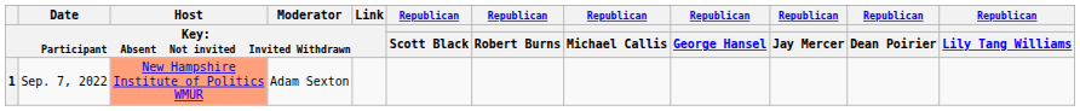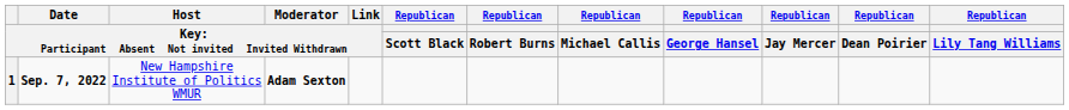 <table class="wikitable" style="text-align:center;">
 <tr>
 <th scope="col"></th>
 <th scope="col">Date</th>
 <th scope="col">Host</th>
 <th scope="col">Moderator</th>
 <th scope="col">Link</th>
 <th scope="col"><small><a href='#'>Republican</a></small></th>
 <th scope="col"><small><a href='#'>Republican</a></small></th>
 <th scope="col"><small><a href='#'>Republican</a></small></th>
 <th scope="col"><small><a href='#'>Republican</a></small></th>
 <th scope="col"><small><a href='#'>Republican</a></small></th>
 <th scope="col"><small><a href='#'>Republican</a></small></th>
 <th scope="col"><small><a href='#'>Republican</a></small></th>
 </tr>
 <tr>
 <th colspan="5" rowspan="2">Key:<br> <small>Participant </small>  <small>Absent </small>  <small>Not invited </small>  <small>Invited  Withdrawn</small></th>
 <th scope="col" style="background:"></th>
 <th scope="col" style="background:"></th>
 <th scope="col" style="background:"></th>
 <th scope="col" style="background:"></th>
 <th scope="col" style="background:"></th>
 <th scope="col" style="background:"></th>
 <th scope="col" style="background:"></th>
 </tr>
 <tr>
 <th scope="col">Scott Black</th>
 <th scope="col">Robert Burns</th>
 <th scope="col">Michael Callis</th>
 <th scope="col"><a href='#'>George Hansel</a></th>
 <th scope="col">Jay Mercer</th>
 <th scope="col">Dean Poirier</th>
 <th scope="col"><a href='#'>Lily Tang Williams</a></th>
 </tr>
 <tr>
 <th>1</th>
-<td style="white-space:nowrap;">Sep. 7, 2022</td>
-<td style="background: lightsalmon; white-space:nowrap;"><a href='#'>New Hampshire</a><br><a href='#'>Institute of Politics</a><br><a href='#'>WMUR</a></td>
-<td style="white-space:nowrap;">Adam Sexton</td>
+<td style="white-space:nowrap;"><strong>Sep. 7, 2022</strong></td>
+<td style="white-space:nowrap;"><a href='#'>New Hampshire</a><br><a href='#'>Institute of Politics</a><br><a href='#'>WMUR</a></td>
+<td style="white-space:nowrap;"><strong>Adam Sexton</strong></td>
 <td style="white-space:nowrap;"></td>
 <td></td>
 <td></td>
 <td></td>
 <td></td>
 <td></td>
 <td></td>
 <td></td>
 </tr>
 </table>
